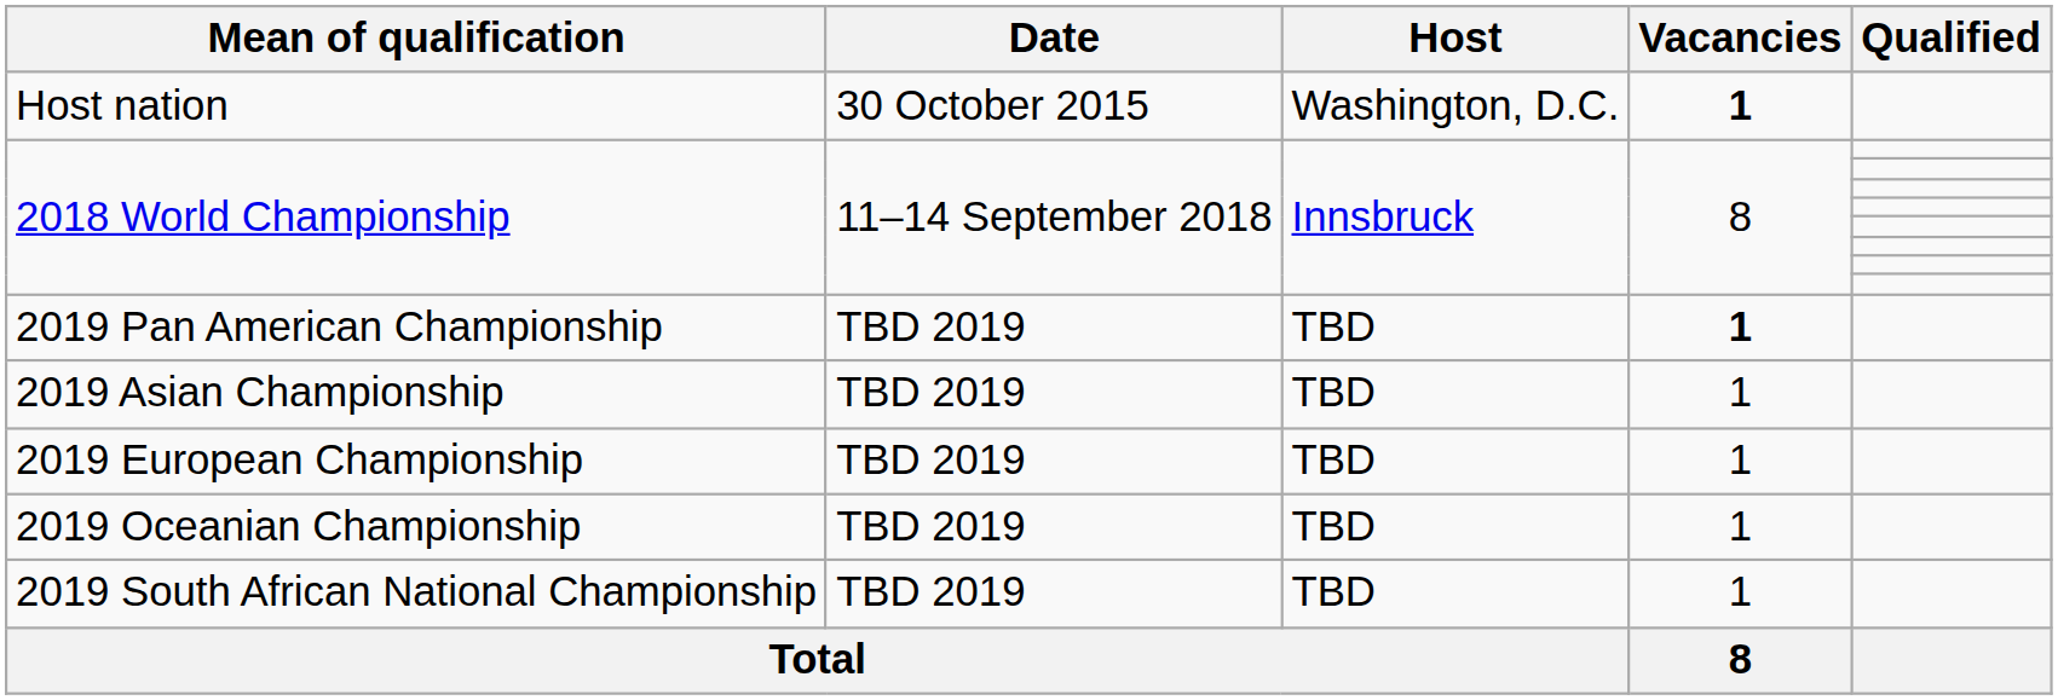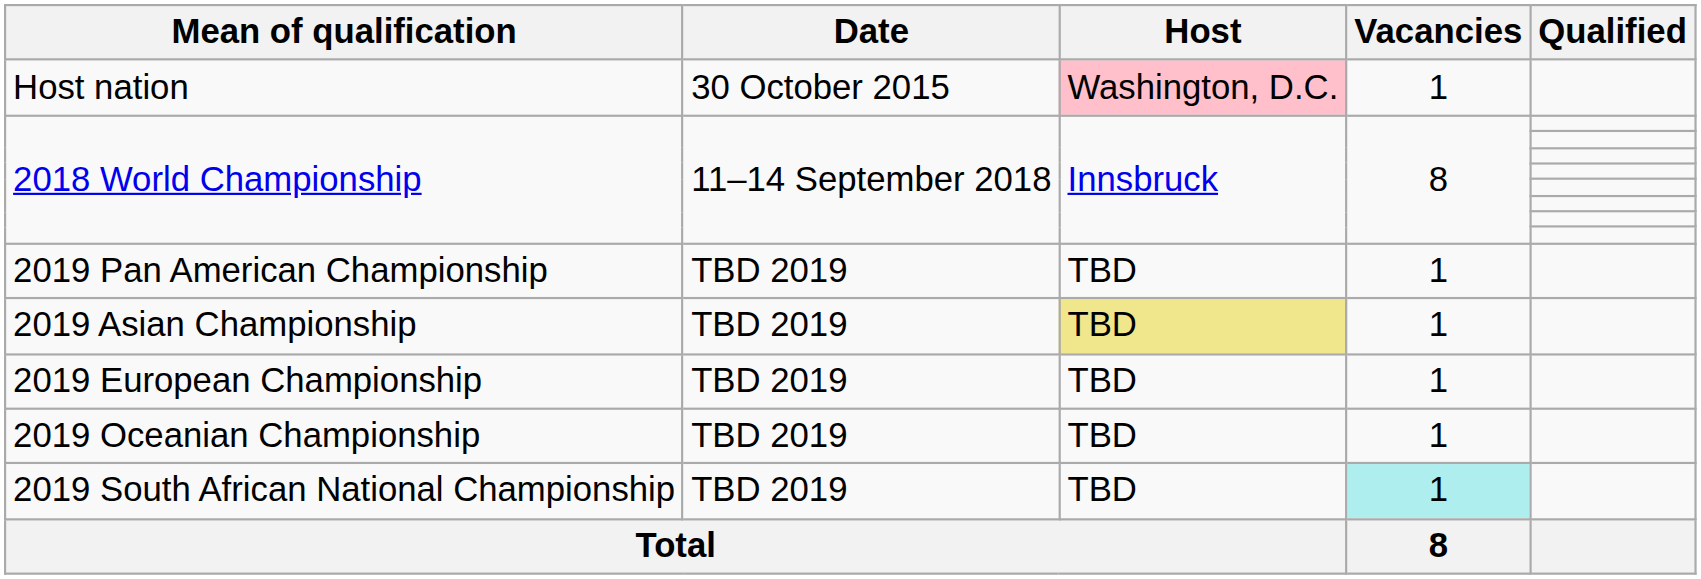 <table class="wikitable">
 <tr>
 <th>Mean of qualification</th>
 <th>Date</th>
 <th>Host</th>
 <th>Vacancies</th>
 <th>Qualified</th>
 </tr>
 <tr>
 <td>Host nation</td>
 <td>30 October 2015</td>
-<td> Washington, D.C.</td>
-<td style="text-align:center;"><strong>1</strong></td>
+<td style="background: pink;"> Washington, D.C.</td>
+<td style="text-align:center;">1</td>
 <td></td>
 </tr>
 <tr>
 <td rowspan=8><a href='#'>2018 World Championship</a></td>
 <td rowspan=8>11–14 September 2018</td>
 <td rowspan=8> <a href='#'>Innsbruck</a></td>
 <td rowspan=8 style="text-align:center;">8</td>
 <td></td>
 </tr>
 <tr>
 <td></td>
 </tr>
 <tr>
 <td></td>
 </tr>
 <tr>
 <td></td>
 </tr>
 <tr>
 <td></td>
 </tr>
 <tr>
 <td></td>
 </tr>
 <tr>
 <td></td>
 </tr>
 <tr>
 <td></td>
 </tr>
 <tr>
 <td>2019 Pan American Championship</td>
 <td>TBD 2019</td>
 <td>TBD</td>
-<td style="text-align:center;"><strong>1</strong></td>
+<td style="text-align:center;">1</td>
 <td></td>
 </tr>
 <tr>
 <td>2019 Asian Championship</td>
 <td>TBD 2019</td>
-<td>TBD</td>
+<td style="background: khaki;">TBD</td>
 <td style="text-align:center;">1</td>
 <td></td>
 </tr>
 <tr>
 <td>2019 European Championship</td>
 <td>TBD 2019</td>
 <td>TBD</td>
 <td style="text-align:center;">1</td>
 <td></td>
 </tr>
 <tr>
 <td>2019 Oceanian Championship</td>
 <td>TBD 2019</td>
 <td>TBD</td>
 <td style="text-align:center;">1</td>
 <td></td>
 </tr>
 <tr>
 <td>2019 South African National Championship</td>
 <td>TBD 2019</td>
 <td>TBD</td>
-<td style="text-align:center;">1</td>
+<td style="background: paleturquoise; text-align:center;">1</td>
 <td></td>
 </tr>
 <tr>
 <th colspan="3">Total</th>
 <th>8</th>
 <th></th>
 </tr>
 </table>
